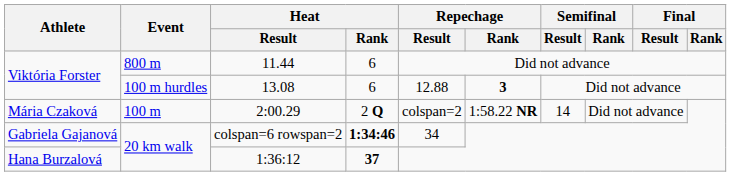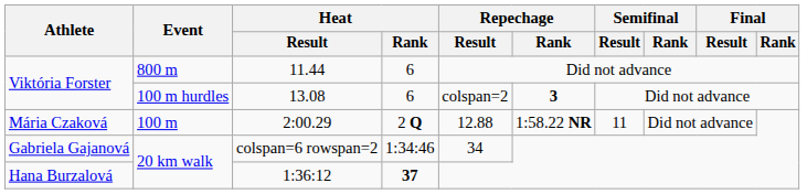 <table class="wikitable" style="font-size:90%">
 <tr>
 <th rowspan="2">Athlete</th>
 <th rowspan="2">Event</th>
 <th colspan="2">Heat</th>
 <th colspan="2">Repechage</th>
 <th colspan="2">Semifinal</th>
 <th colspan="2">Final</th>
 </tr>
 <tr style="font-size:95%">
 <th>Result</th>
 <th>Rank</th>
 <th>Result</th>
 <th>Rank</th>
 <th>Result</th>
 <th>Rank</th>
 <th>Result</th>
 <th>Rank</th>
 </tr>
 <tr align=center>
 <td align=left rowspan=2><a href='#'>Viktória Forster</a></td>
 <td align=left><a href='#'>800 m</a></td>
 <td>11.44</td>
 <td>6</td>
 <td colspan="6">Did not advance</td>
 </tr>
 <tr align=center>
 <td align=left><a href='#'>100 m hurdles</a></td>
 <td>13.08</td>
 <td>6</td>
-<td>12.88</td>
+<td>colspan=2 </td>
 <td><strong>3</strong></td>
 <td colspan=4>Did not advance</td>
 </tr>
 <tr align=center>
 <td align=left><a href='#'>Mária Czaková</a></td>
 <td align=left><a href='#'>100 m</a></td>
 <td>2:00.29</td>
 <td>2 <strong>Q</strong></td>
-<td>colspan=2 </td>
+<td>12.88</td>
 <td>1:58.22 <strong>NR</strong></td>
-<td>14</td>
+<td>11</td>
 <td colspan=2>Did not advance</td>
 </tr>
 <tr align=center>
 <td align=left><a href='#'>Gabriela Gajanová</a></td>
 <td align=left rowspan=2><a href='#'>20 km walk</a></td>
 <td>colspan=6 rowspan=2 </td>
-<td><strong>1:34:46</strong></td>
+<td>1:34:46</td>
 <td>34</td>
 </tr>
 <tr align=center>
 <td align=left><a href='#'>Hana Burzalová</a></td>
 <td>1:36:12</td>
 <td><strong>37</strong></td>
 </tr>
 </table>
